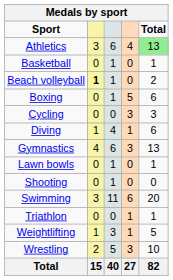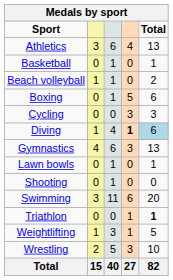 <table class="wikitable" style="font-size:85%; float:right">
 <tr bgcolor=#efefef>
 <th colspan=7>Medals by sport</th>
 </tr>
 <tr align=center>
 <td><strong>Sport</strong></td>
 <td bgcolor=#f7f6a8></td>
 <td bgcolor=#dce5e5></td>
 <td bgcolor=#ffdab9></td>
 <td><strong>Total</strong></td>
 </tr>
 <tr align=center>
 <td><a href='#'>Athletics</a></td>
 <td bgcolor=#f7f6a8>3</td>
 <td bgcolor=#dce5e5>6</td>
 <td bgcolor=#ffdab9>4</td>
-<td style="background: lightgreen;">13</td>
+<td>13</td>
 </tr>
 <tr align=center>
 <td><a href='#'>Basketball</a></td>
 <td bgcolor=#f7f6a8>0</td>
 <td bgcolor=#dce5e5>1</td>
 <td bgcolor=#ffdab9>0</td>
 <td>1</td>
 </tr>
 <tr align=center>
 <td><a href='#'>Beach volleyball</a></td>
-<td bgcolor=#f7f6a8><strong>1</strong></td>
+<td bgcolor=#f7f6a8>1</td>
 <td bgcolor=#dce5e5>1</td>
 <td bgcolor=#ffdab9>0</td>
 <td>2</td>
 </tr>
 <tr align=center>
 <td><a href='#'>Boxing</a></td>
 <td bgcolor=#f7f6a8>0</td>
 <td bgcolor=#dce5e5>1</td>
 <td bgcolor=#ffdab9>5</td>
 <td>6</td>
 </tr>
 <tr align=center>
 <td><a href='#'>Cycling</a></td>
 <td bgcolor=#f7f6a8>0</td>
 <td bgcolor=#dce5e5>0</td>
 <td bgcolor=#ffdab9>3</td>
 <td>3</td>
 </tr>
 <tr align=center>
 <td><a href='#'>Diving</a></td>
 <td bgcolor=#f7f6a8>1</td>
 <td bgcolor=#dce5e5>4</td>
-<td bgcolor=#ffdab9>1</td>
-<td>6</td>
+<td bgcolor=#ffdab9><strong>1</strong></td>
+<td style="background: lightblue;">6</td>
 </tr>
 <tr align=center>
 <td><a href='#'>Gymnastics</a></td>
 <td bgcolor=#f7f6a8>4</td>
 <td bgcolor=#dce5e5>6</td>
 <td bgcolor=#ffdab9>3</td>
 <td>13</td>
 </tr>
 <tr align=center>
 <td><a href='#'>Lawn bowls</a></td>
 <td bgcolor=#f7f6a8>0</td>
 <td bgcolor=#dce5e5>1</td>
 <td bgcolor=#ffdab9>0</td>
 <td>1</td>
 </tr>
 <tr align=center>
 <td><a href='#'>Shooting</a></td>
 <td bgcolor=#f7f6a8>0</td>
 <td bgcolor=#dce5e5>1</td>
 <td bgcolor=#ffdab9>0</td>
 <td>0</td>
 </tr>
 <tr align=center>
 <td><a href='#'>Swimming</a></td>
 <td bgcolor=#f7f6a8>3</td>
 <td bgcolor=#dce5e5>11</td>
 <td bgcolor=#ffdab9>6</td>
 <td>20</td>
 </tr>
 <tr align=center>
 <td><a href='#'>Triathlon</a></td>
 <td bgcolor=#f7f6a8>0</td>
 <td bgcolor=#dce5e5>0</td>
 <td bgcolor=#ffdab9>1</td>
-<td>1</td>
+<td><strong>1</strong></td>
 </tr>
 <tr align=center>
 <td><a href='#'>Weightlifting</a></td>
 <td bgcolor=#f7f6a8>1</td>
 <td bgcolor=#dce5e5>3</td>
 <td bgcolor=#ffdab9>1</td>
 <td>5</td>
 </tr>
 <tr align=center>
 <td><a href='#'>Wrestling</a></td>
 <td bgcolor=#f7f6a8>2</td>
 <td bgcolor=#dce5e5>5</td>
 <td bgcolor=#ffdab9>3</td>
 <td>10</td>
 </tr>
 <tr align=center>
 <th>Total</th>
 <th bgcolor=gold>15</th>
 <th bgcolor=silver>40</th>
 <th bgcolor=#c96>27</th>
 <th>82</th>
 </tr>
 </table>
